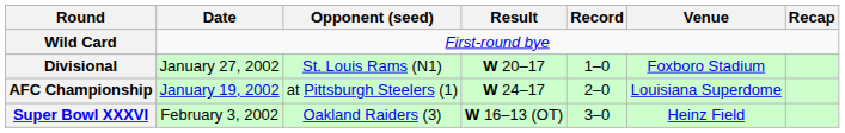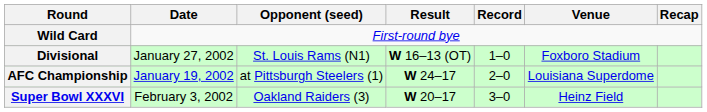 <table class="wikitable" style="text-align:center">
 <tr>
 <th>Round</th>
 <th>Date</th>
 <th>Opponent (seed)</th>
 <th>Result</th>
 <th>Record</th>
 <th>Venue</th>
 <th>Recap</th>
 </tr>
 <tr align="center">
 <th>Wild Card</th>
 <td colspan="8" align="center"><em><a href='#'>First-round bye</a></em></td>
 </tr>
 <tr style="background: #cfc;">
 <th>Divisional</th>
 <td>January 27, 2002</td>
 <td><a href='#'>St. Louis Rams</a> (N1)</td>
-<td><strong>W</strong> 20–17</td>
+<td><strong>W</strong> 16–13 (OT)</td>
 <td>1–0</td>
 <td><a href='#'>Foxboro Stadium</a></td>
 <td></td>
 </tr>
 <tr style="background: #cfc">
 <th>AFC Championship</th>
 <td><a href='#'>January 19, 2002</a></td>
 <td>at <a href='#'>Pittsburgh Steelers</a> (1)</td>
 <td><strong>W</strong> 24–17</td>
 <td>2–0</td>
 <td><a href='#'>Louisiana Superdome</a></td>
 <td></td>
 </tr>
 <tr style="background: #cfc;">
 <th><a href='#'>Super Bowl XXXVI</a></th>
 <td>February 3, 2002</td>
 <td><a href='#'>Oakland Raiders</a> (3)</td>
-<td><strong>W</strong> 16–13 (OT)</td>
+<td><strong>W</strong> 20–17</td>
 <td>3–0</td>
 <td><a href='#'>Heinz Field</a></td>
 <td></td>
 </tr>
 </table>
